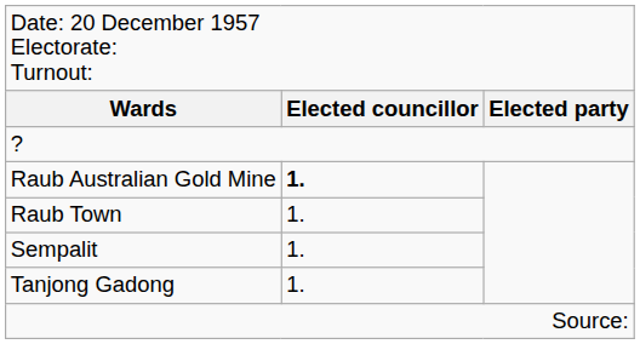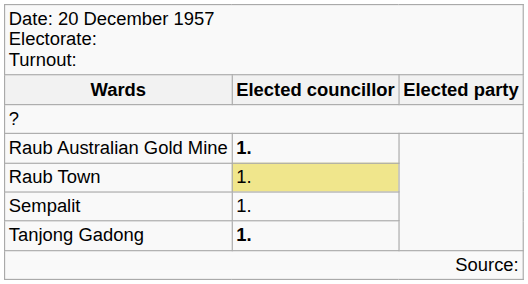 <table class=wikitable>
 <tr>
 <td colspan=3>Date: 20 December 1957 <br>Electorate: <br>Turnout:</td>
 </tr>
 <tr>
 <th>Wards</th>
 <th>Elected councillor</th>
 <th>Elected party</th>
 </tr>
 <tr>
 <td colspan=3>? </td>
 </tr>
 <tr>
 <td>Raub Australian Gold Mine</td>
 <td><strong>1.</strong></td>
 </tr>
 <tr>
 <td>Raub Town</td>
-<td>1.</td>
+<td style="background: khaki;">1.</td>
 </tr>
 <tr>
 <td>Sempalit</td>
 <td>1.</td>
 </tr>
 <tr>
 <td>Tanjong Gadong</td>
-<td>1.</td>
+<td><strong>1.</strong></td>
 </tr>
 <tr>
 <td colspan=3 align=right>Source: </td>
 </tr>
 </table>
